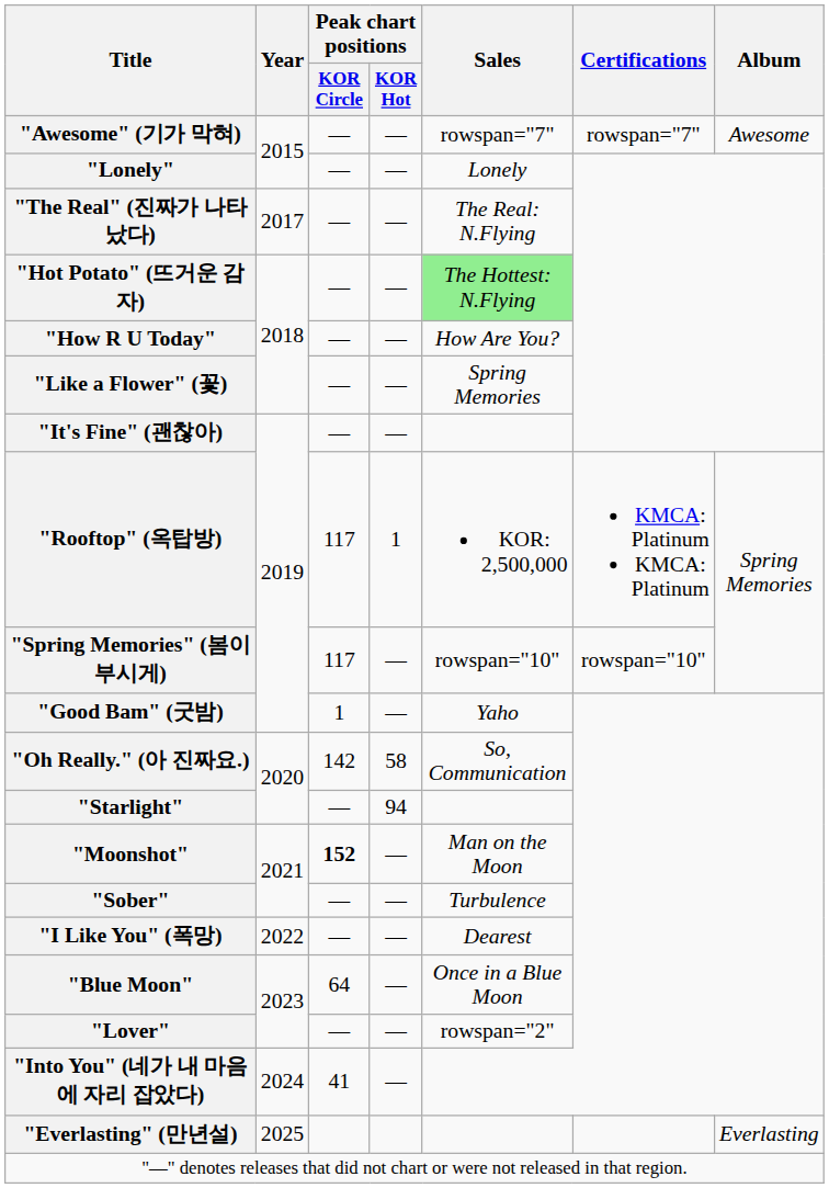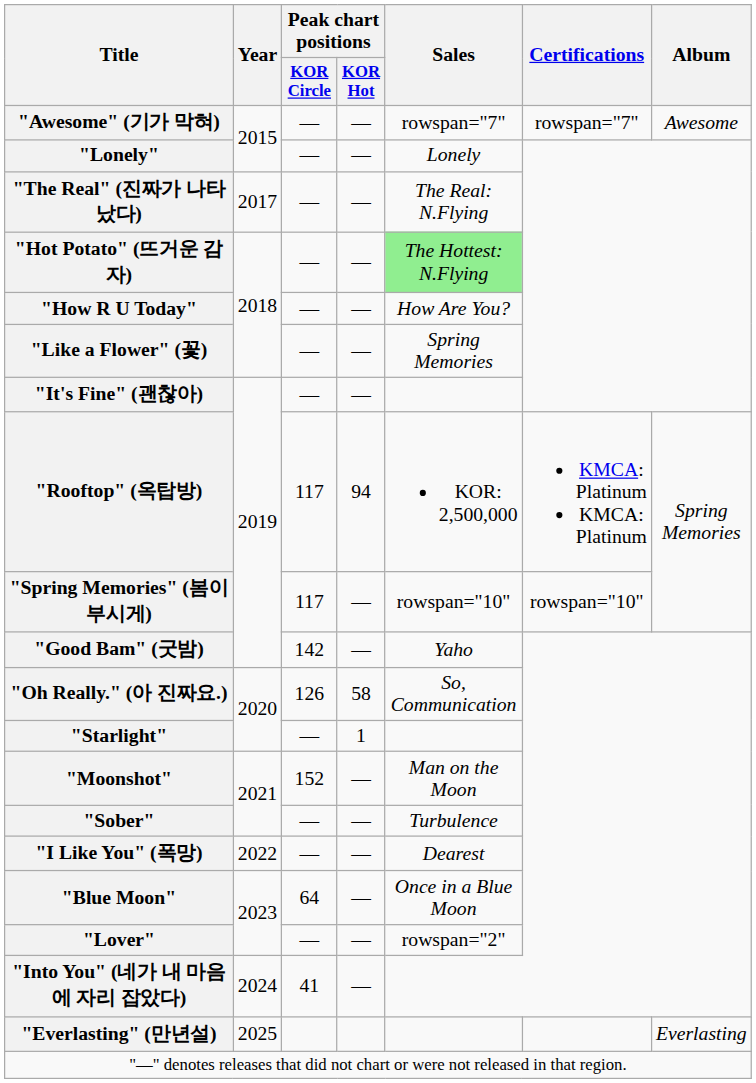 <table class="wikitable plainrowheaders" style="text-align:center;">
 <tr>
 <th scope="col" rowspan="2" style="width:15em;">Title</th>
 <th scope="col" rowspan="2">Year</th>
 <th scope="col" colspan="2">Peak chart positions</th>
 <th scope="col" rowspan="2">Sales</th>
 <th scope="col" rowspan="2"><a href='#'>Certifications</a></th>
 <th scope="col" rowspan="2">Album</th>
 </tr>
 <tr>
 <th scope="col" style="width:3em;font-size:85%;"><a href='#'>KOR<br>Circle</a><br></th>
 <th scope="col" style="width:2.5em;font-size:85%;"><a href='#'>KOR<br>Hot</a><br></th>
 </tr>
 <tr>
 <th scope="row">"Awesome" (기가 막혀)</th>
 <td rowspan="2">2015</td>
 <td>—</td>
 <td>—</td>
 <td>rowspan="7" </td>
 <td>rowspan="7" </td>
 <td><em>Awesome</em></td>
 </tr>
 <tr>
 <th scope="row">"Lonely"</th>
 <td>—</td>
 <td>—</td>
 <td><em>Lonely</em></td>
 </tr>
 <tr>
 <th scope="row">"The Real" (진짜가 나타났다)</th>
 <td>2017</td>
 <td>—</td>
 <td>—</td>
 <td><em>The Real: N.Flying</em></td>
 </tr>
 <tr>
 <th scope="row">"Hot Potato" (뜨거운 감자)</th>
 <td rowspan="3">2018</td>
 <td>—</td>
 <td>—</td>
 <td style="background: lightgreen;"><em>The Hottest: N.Flying</em></td>
 </tr>
 <tr>
 <th scope="row">"How R U Today"</th>
 <td>—</td>
 <td>—</td>
 <td><em>How Are You?</em></td>
 </tr>
 <tr>
 <th scope="row">"Like a Flower" (꽃)</th>
 <td>—</td>
 <td>—</td>
 <td><em>Spring Memories</em></td>
 </tr>
 <tr>
 <th scope="row">"It's Fine" (괜찮아)</th>
 <td rowspan="4">2019</td>
 <td>—</td>
 <td>—</td>
 <td></td>
 </tr>
 <tr>
 <th scope="row">"Rooftop" (옥탑방)</th>
 <td>117</td>
-<td>1</td>
+<td>94</td>
 <td><br><ul><li>KOR: 2,500,000</li></ul></td>
 <td><br><ul><li><a href='#'>KMCA</a>: Platinum </li><li>KMCA: Platinum </li></ul></td>
 <td rowspan="2"><em>Spring Memories</em></td>
 </tr>
 <tr>
 <th scope="row">"Spring Memories" (봄이 부시게)</th>
 <td>117</td>
 <td>—</td>
 <td>rowspan="10" </td>
 <td>rowspan="10" </td>
 </tr>
 <tr>
 <th scope="row">"Good Bam" (굿밤)</th>
-<td>1</td>
+<td>142</td>
 <td>—</td>
 <td><em>Yaho</em></td>
 </tr>
 <tr>
 <th scope="row">"Oh Really." (아 진짜요.)</th>
 <td rowspan="2">2020</td>
-<td>142</td>
+<td>126</td>
 <td>58</td>
 <td><em>So, Communication</em></td>
 </tr>
 <tr>
 <th scope="row">"Starlight"</th>
 <td>—</td>
-<td>94</td>
+<td>1</td>
 <td></td>
 </tr>
 <tr>
 <th scope="row">"Moonshot"</th>
 <td rowspan="2">2021</td>
-<td><strong>152</strong></td>
+<td>152</td>
 <td>—</td>
 <td><em>Man on the Moon</em></td>
 </tr>
 <tr>
 <th scope="row">"Sober"</th>
 <td>—</td>
 <td>—</td>
 <td><em>Turbulence</em></td>
 </tr>
 <tr>
 <th scope="row">"I Like You" (폭망)</th>
 <td>2022</td>
 <td>—</td>
 <td>—</td>
 <td><em>Dearest</em></td>
 </tr>
 <tr>
 <th scope="row">"Blue Moon"</th>
 <td rowspan=2>2023</td>
 <td>64</td>
 <td>—</td>
 <td><em>Once in a Blue Moon</em></td>
 </tr>
 <tr>
 <th scope="row">"Lover"</th>
 <td>—</td>
 <td>—</td>
 <td>rowspan="2" </td>
 </tr>
 <tr>
 <th scope="row">"Into You" (네가 내 마음에 자리 잡았다)</th>
 <td>2024</td>
 <td>41</td>
 <td>—</td>
 </tr>
 <tr>
 <th scope="row">"Everlasting" (만년설)</th>
 <td>2025</td>
 <td></td>
 <td></td>
 <td></td>
 <td></td>
 <td><em>Everlasting</em></td>
 </tr>
 <tr>
 <td colspan="7" style="font-size:85%;">"—" denotes releases that did not chart or were not released in that region.</td>
 </tr>
 </table>
